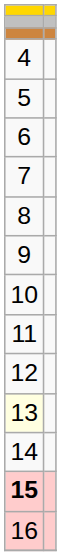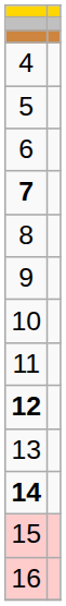 <table class="wikitable">
 <tr style="background:#ffd700;">
 <td align=center></td>
 <td></td>
 </tr>
 <tr style="background:#c0c0c0;">
 <td align=center></td>
 <td></td>
 </tr>
 <tr style="background:#CD853F;">
 <td align=center></td>
 <td></td>
 </tr>
 <tr>
 <td align=center>4</td>
 <td></td>
 </tr>
 <tr>
 <td align=center>5</td>
 <td></td>
 </tr>
 <tr>
 <td align=center>6</td>
 <td></td>
 </tr>
 <tr>
-<td align=center>7</td>
+<td align=center><strong>7</strong></td>
 <td></td>
 </tr>
 <tr>
 <td align=center>8</td>
 <td></td>
 </tr>
 <tr>
 <td align=center>9</td>
 <td></td>
 </tr>
 <tr>
 <td align=center>10</td>
 <td></td>
 </tr>
 <tr>
 <td align=center>11</td>
 <td></td>
 </tr>
 <tr>
-<td align=center>12</td>
+<td align=center><strong>12</strong></td>
 <td></td>
 </tr>
 <tr>
-<td align=center style="background: lightyellow;">13</td>
+<td align=center>13</td>
 <td></td>
 </tr>
 <tr>
-<td align=center>14</td>
+<td align=center><strong>14</strong></td>
 <td></td>
 </tr>
 <tr style="background:#ffcccc;">
-<td align=center><strong>15</strong></td>
+<td align=center>15</td>
 <td></td>
 </tr>
 <tr style="background:#ffcccc;">
 <td align=center>16</td>
 <td></td>
 </tr>
 <tr>
 </tr>
 </table>
